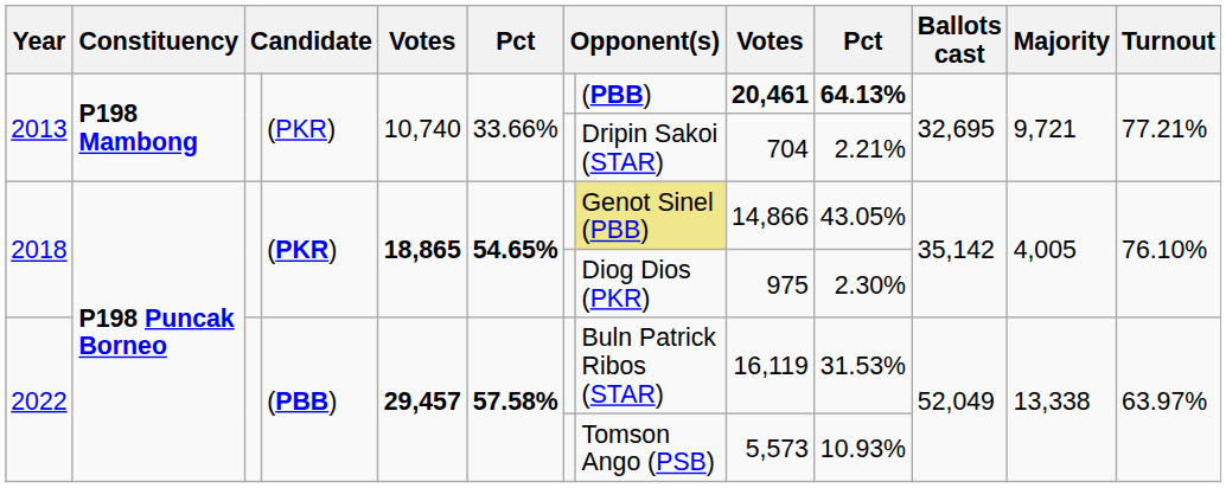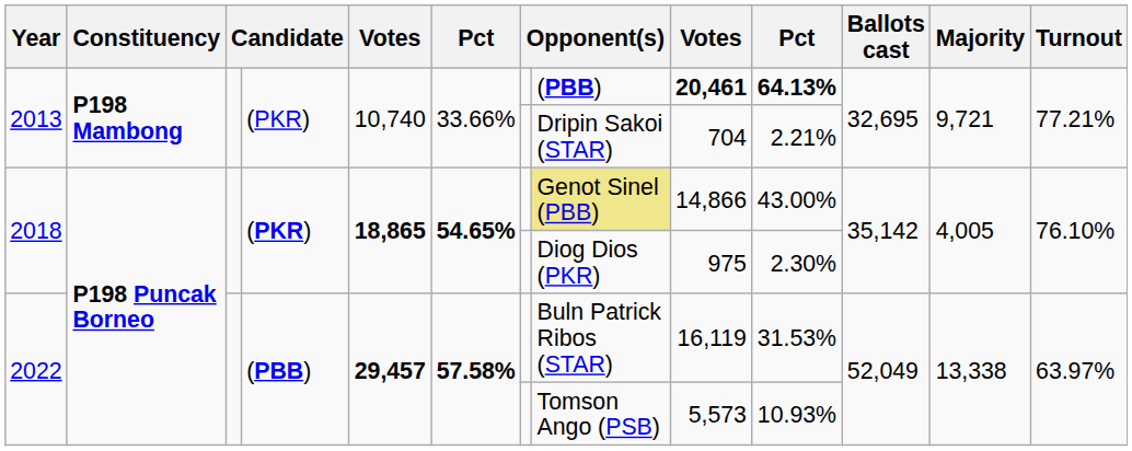 <table class="wikitable" style="margin:0.5em ; font-size:95%">
 <tr>
 <th>Year</th>
 <th>Constituency</th>
 <th colspan=2>Candidate</th>
 <th>Votes</th>
 <th>Pct</th>
 <th colspan=2>Opponent(s)</th>
 <th>Votes</th>
 <th>Pct</th>
 <th>Ballots cast</th>
 <th>Majority</th>
 <th>Turnout</th>
 </tr>
 <tr>
 <td rowspan="2"><a href='#'>2013</a></td>
 <td rowspan="2"><strong>P198 <a href='#'>Mambong</a></strong></td>
 <td rowspan="2" ></td>
 <td rowspan="2"> (<a href='#'>PKR</a>)</td>
 <td rowspan="2" style="text-align:right;">10,740</td>
 <td rowspan="2" style="text-align:right;">33.66%</td>
 <td></td>
 <td> (<a href='#'><strong>PBB</strong></a>)</td>
 <td style="text-align:right;"><strong>20,461</strong></td>
 <td style="text-align:right;"><strong>64.13%</strong></td>
 <td rowspan="2">32,695</td>
 <td rowspan="2">9,721</td>
 <td rowspan="2">77.21%</td>
 </tr>
 <tr>
 <td></td>
 <td>Dripin Sakoi (<a href='#'>STAR</a>)</td>
 <td style="text-align:right;">704</td>
 <td style="text-align:right;">2.21%</td>
 </tr>
 <tr>
 <td rowspan="2"><a href='#'>2018</a></td>
 <td rowspan="6"><strong>P198 <a href='#'>Puncak Borneo</a></strong></td>
 <td rowspan="2" ></td>
 <td rowspan="2"> (<a href='#'><strong>PKR</strong></a>)</td>
 <td rowspan="2" style="text-align:right;"><strong>18,865</strong></td>
 <td rowspan="2" style="text-align:right;"><strong>54.65%</strong></td>
 <td></td>
 <td style="background: khaki;">Genot Sinel (<a href='#'>PBB</a>)</td>
 <td style="text-align:right;">14,866</td>
-<td style="text-align:right;">43.05%</td>
+<td style="text-align:right;">43.00%</td>
 <td rowspan="2">35,142</td>
 <td rowspan="2">4,005</td>
 <td rowspan="2">76.10%</td>
 </tr>
 <tr>
 <td></td>
 <td>Diog Dios (<a href='#'>PKR</a>)</td>
 <td style="text-align:right;">975</td>
 <td style="text-align:right;">2.30%</td>
 </tr>
 <tr>
 <td rowspan="2"><a href='#'>2022</a></td>
 <td rowspan="2" ></td>
 <td rowspan="2"> (<a href='#'><strong>PBB</strong></a>)</td>
 <td rowspan="2" style="text-align:right;"><strong>29,457</strong></td>
 <td rowspan="2" style="text-align:right;"><strong>57.58%</strong></td>
 <td></td>
 <td>Buln Patrick Ribos (<a href='#'>STAR</a>)</td>
 <td style="text-align:right;">16,119</td>
 <td style="text-align:right;">31.53%</td>
 <td rowspan="2">52,049</td>
 <td rowspan="2">13,338</td>
 <td rowspan="2">63.97%</td>
 </tr>
 <tr>
 <td style="background-color:"></td>
 <td>Tomson Ango (<a href='#'>PSB</a>)</td>
 <td style="text-align:right;">5,573</td>
 <td style="text-align:right;">10.93%</td>
 </tr>
 </table>
